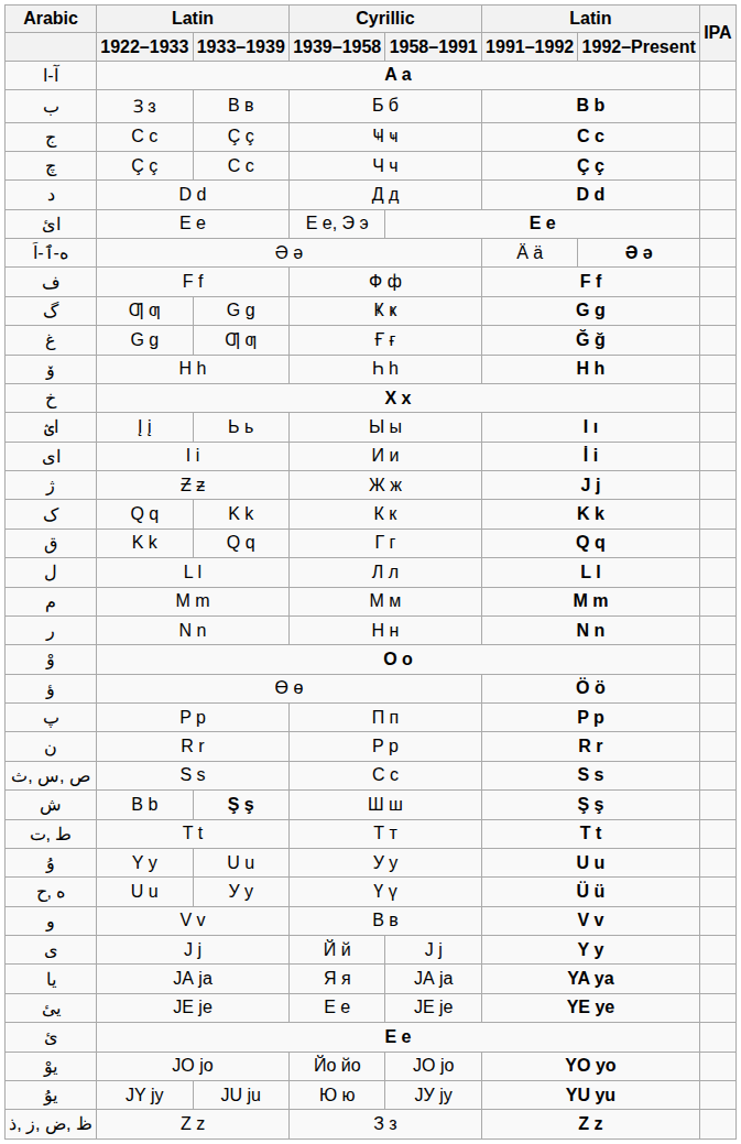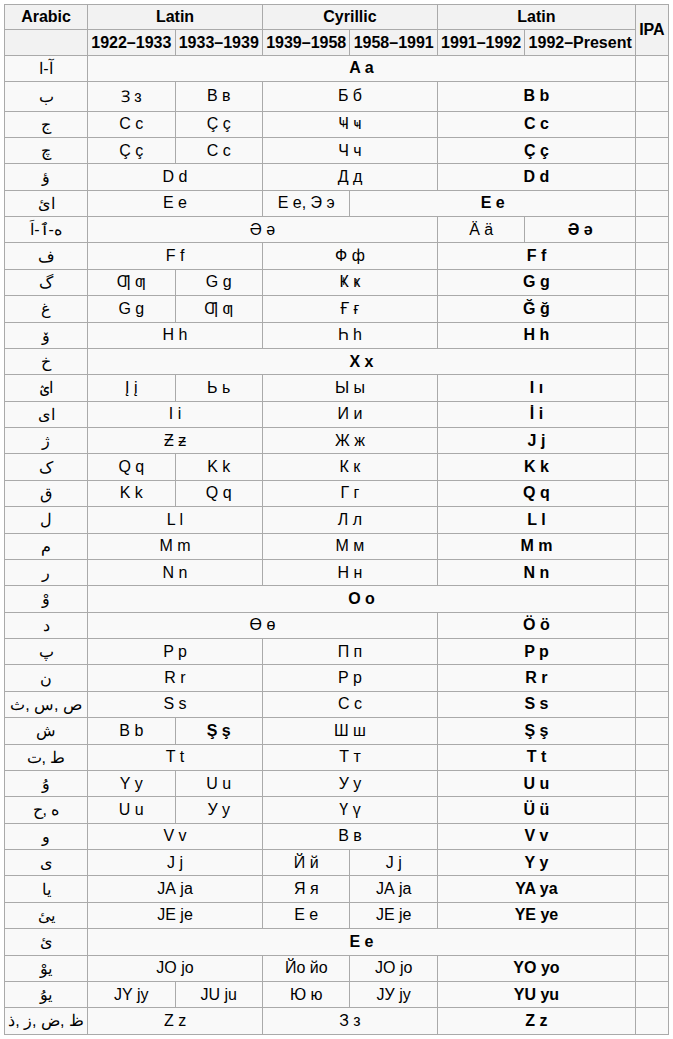 <table class="wikitable" style="text-align:center">
 <tr>
 <th scope="col">Arabic</th>
 <th colspan="2" scope="col">Latin</th>
 <th colspan="2">Cyrillic</th>
 <th colspan="2">Latin</th>
 <th scope="col" rowspan="2">IPA</th>
 </tr>
 <tr>
 <th scope="col"></th>
 <th scope="col">1922–1933</th>
 <th scope="col">1933–1939</th>
 <th>1939–1958</th>
 <th>1958–1991</th>
 <th scope="col">1991–1992</th>
 <th scope="col">1992–Present</th>
 </tr>
 <tr>
 <td>آ-ا</td>
 <td colspan="6"><strong>A a</strong></td>
 <td></td>
 </tr>
 <tr>
 <td>ب</td>
 <td>Ɜ ɜ</td>
 <td>B ʙ</td>
 <td colspan="2">Б б</td>
 <td colspan="2"><strong>B b</strong></td>
 <td></td>
 </tr>
 <tr>
 <td>ج</td>
 <td>C c</td>
 <td>Ç ç</td>
 <td colspan="2">Ҹ ҹ</td>
 <td colspan="2"><strong>C c</strong></td>
 <td></td>
 </tr>
 <tr>
 <td>چ</td>
 <td>Ç ç</td>
 <td>C c</td>
 <td colspan="2">Ч ч</td>
 <td colspan="2"><strong>Ç ç</strong></td>
 <td></td>
 </tr>
 <tr>
-<td>د</td>
+<td>ؤ</td>
 <td colspan="2">D d</td>
 <td colspan="2">Д д</td>
 <td colspan="2"><strong>D d</strong></td>
 <td></td>
 </tr>
 <tr>
 <td>ائ</td>
 <td colspan="2">E e</td>
 <td>Е е, Э э</td>
 <td colspan="3"><strong>Е е</strong></td>
 <td></td>
 </tr>
 <tr>
 <td>ه-ٱ-اَ</td>
 <td colspan="4">Ə ə</td>
 <td>Ä ä</td>
 <td><strong>Ə ə</strong></td>
 <td></td>
 </tr>
 <tr>
 <td>ف</td>
 <td colspan="2">F f</td>
 <td colspan="2">Ф ф</td>
 <td colspan="2"><strong>F f</strong></td>
 <td></td>
 </tr>
 <tr>
 <td>گ</td>
 <td>Ƣ ƣ</td>
 <td>G g</td>
 <td colspan="2">Ҝ ҝ</td>
 <td colspan="2"><strong>G g</strong></td>
 <td></td>
 </tr>
 <tr>
 <td>غ</td>
 <td>G g</td>
 <td>Ƣ ƣ</td>
 <td colspan="2">Ғ ғ</td>
 <td colspan="2"><strong>Ğ ğ</strong></td>
 <td></td>
 </tr>
 <tr>
 <td>ۆ</td>
 <td colspan="2">H h</td>
 <td colspan="2">Һ һ</td>
 <td colspan="2"><strong>H h</strong></td>
 <td></td>
 </tr>
 <tr>
 <td>خ</td>
 <td colspan="6"><strong>X x</strong></td>
 <td></td>
 </tr>
 <tr>
 <td>اؽ</td>
 <td>Į į</td>
 <td>Ь ь</td>
 <td colspan="2">Ы ы</td>
 <td colspan="2"><strong>I ı</strong></td>
 <td></td>
 </tr>
 <tr>
 <td>ای</td>
 <td colspan="2">I i</td>
 <td colspan="2">И и</td>
 <td colspan="2"><strong>İ i</strong></td>
 <td></td>
 </tr>
 <tr>
 <td>ژ</td>
 <td colspan="2">Ƶ ƶ</td>
 <td colspan="2">Ж ж</td>
 <td colspan="2"><strong>J j</strong></td>
 <td></td>
 </tr>
 <tr>
 <td>ک</td>
 <td>Q q</td>
 <td>K k</td>
 <td colspan="2">К к</td>
 <td colspan="2"><strong>K k</strong></td>
 <td></td>
 </tr>
 <tr>
 <td>ق</td>
 <td>K k</td>
 <td>Q q</td>
 <td colspan="2">Г г</td>
 <td colspan="2"><strong>Q q</strong></td>
 <td></td>
 </tr>
 <tr>
 <td>ل</td>
 <td colspan="2">L l</td>
 <td colspan="2">Л л</td>
 <td colspan="2"><strong>L l</strong></td>
 <td></td>
 </tr>
 <tr>
 <td>م</td>
 <td colspan="2">M m</td>
 <td colspan="2">М м</td>
 <td colspan="2"><strong>M m</strong></td>
 <td></td>
 </tr>
 <tr>
 <td>ر</td>
 <td colspan="2">N n</td>
 <td colspan="2">Н н</td>
 <td colspan="2"><strong>N n</strong></td>
 <td></td>
 </tr>
 <tr>
 <td>وْ</td>
 <td colspan="6"><strong>O o</strong></td>
 <td></td>
 </tr>
 <tr>
-<td>ؤ</td>
+<td>د</td>
 <td colspan="4">Ɵ ɵ</td>
 <td colspan="2"><strong>Ö ö</strong></td>
 <td></td>
 </tr>
 <tr>
 <td>پ</td>
 <td colspan="2">P p</td>
 <td colspan="2">П п</td>
 <td colspan="2"><strong>P p</strong></td>
 <td></td>
 </tr>
 <tr>
 <td>ن</td>
 <td colspan="2">R r</td>
 <td colspan="2">Р р</td>
 <td colspan="2"><strong>R r</strong></td>
 <td></td>
 </tr>
 <tr>
 <td>ث,‎ س,‎ ص</td>
 <td colspan="2">S s</td>
 <td colspan="2">С с</td>
 <td colspan="2"><strong>S s</strong></td>
 <td></td>
 </tr>
 <tr>
 <td>ش</td>
 <td>B b</td>
 <td><strong>Ş ş</strong></td>
 <td colspan="2">Ш ш</td>
 <td colspan="2"><strong>Ş ş</strong></td>
 <td></td>
 </tr>
 <tr>
 <td>ت,‎ ط</td>
 <td colspan="2">T t</td>
 <td colspan="2">Т т</td>
 <td colspan="2"><strong>T t</strong></td>
 <td></td>
 </tr>
 <tr>
 <td>ۇ</td>
 <td>Y y</td>
 <td>U u</td>
 <td colspan="2">У у</td>
 <td colspan="2"><strong>U u</strong></td>
 <td></td>
 </tr>
 <tr>
 <td>ح,‎ ه</td>
 <td>U u</td>
 <td>У y</td>
 <td colspan="2">Ү ү</td>
 <td colspan="2"><strong>Ü ü</strong></td>
 <td></td>
 </tr>
 <tr>
 <td>و</td>
 <td colspan="2">V v</td>
 <td colspan="2">В в</td>
 <td colspan="2"><strong>V v</strong></td>
 <td></td>
 </tr>
 <tr>
 <td>ی</td>
 <td colspan="2">J j</td>
 <td>Й й</td>
 <td>Ј ј</td>
 <td colspan="2"><strong>Y y</strong></td>
 <td></td>
 </tr>
 <tr>
 <td>یا</td>
 <td colspan="2">ЈА ја</td>
 <td>Я я</td>
 <td>ЈА jа</td>
 <td colspan="2"><strong>YA ya</strong></td>
 <td></td>
 </tr>
 <tr>
 <td>یئ</td>
 <td colspan="2">ЈE јe</td>
 <td>Е е</td>
 <td>ЈЕ је</td>
 <td colspan="2"><strong>YE ye</strong></td>
 <td></td>
 </tr>
 <tr>
 <td>ئ</td>
 <td colspan="6"><strong>E e</strong></td>
 <td></td>
 </tr>
 <tr>
 <td>یوْ</td>
 <td colspan="2">ЈO јo</td>
 <td>Йо йо</td>
 <td>ЈО јо</td>
 <td colspan="2"><strong>YO yo</strong></td>
 <td></td>
 </tr>
 <tr>
 <td>یۇ</td>
 <td>JY jy</td>
 <td>ЈU јu</td>
 <td>Ю ю</td>
 <td>ЈУ ју</td>
 <td colspan="2"><strong>YU yu</strong></td>
 <td></td>
 </tr>
 <tr>
 <td>ذ,‎ ز,‎ ض,‎ ظ</td>
 <td colspan="2">Z z</td>
 <td colspan="2">З з</td>
 <td colspan="2"><strong>Z z</strong></td>
 <td></td>
 </tr>
 </table>
